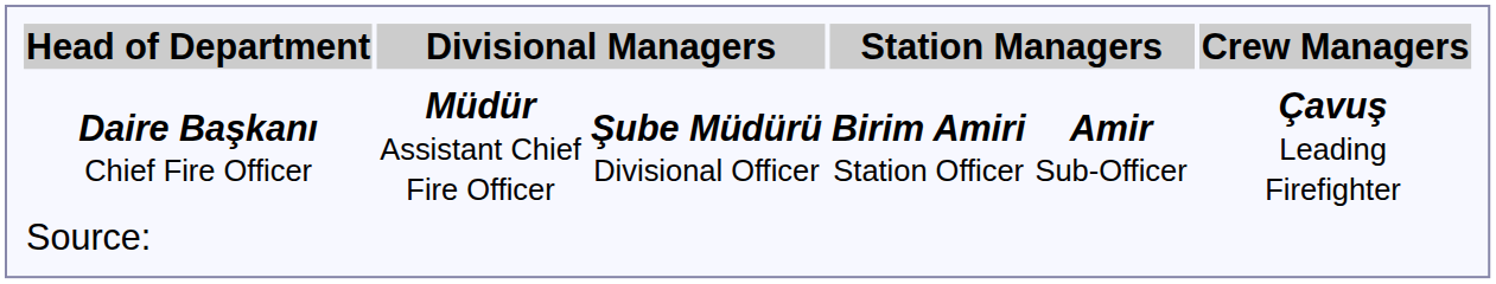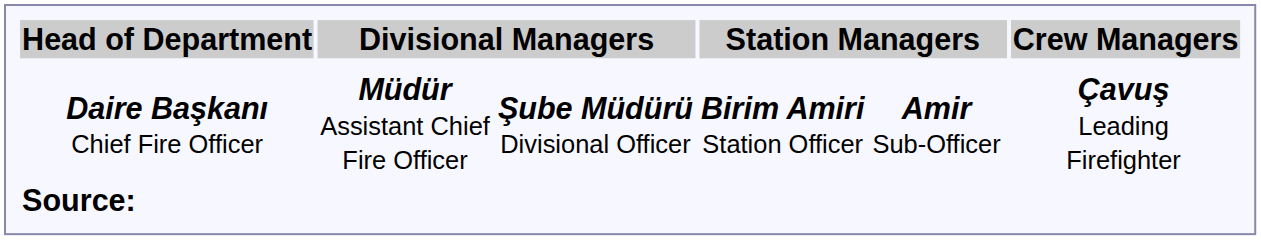 <table style="border:1px solid #8888aa; background-color:#f7f8ff; padding:5px; font-size:95%; margin: 0px 12px 12px 0px;">
 <tr bgcolor="#CCCCCC">
 <th>Head of Department</th>
 <th colspan="2">Divisional Managers</th>
 <th colspan=7>Station Managers</th>
 <th>Crew Managers</th>
 </tr>
 <tr style="text-align:center;">
 <td></td>
 <td></td>
 <td></td>
 <td colspan=3></td>
 <td colspan=3></td>
 <td colspan="2"></td>
 </tr>
 <tr style="text-align:center;">
 <td><strong><em>Daire Başkanı</em></strong><br><small>Chief Fire Officer</small></td>
 <td><strong><em>Müdür</em></strong><br><small>Assistant Chief<br> Fire Officer</small></td>
 <td><strong><em>Şube Müdürü</em></strong><br><small>Divisional Officer</small></td>
 <td colspan="3"><strong><em>Birim Amiri</em></strong><br><small>Station Officer</small></td>
 <td colspan="3"><strong><em>Amir</em></strong><br><small>Sub-Officer</small></td>
 <td colspan="2"><strong><em>Çavuş</em></strong><br><small>Leading<br> Firefighter</small></td>
 </tr>
 <tr>
-<td>Source: </td>
+<td><strong>Source: </strong></td>
 </tr>
 </table>
